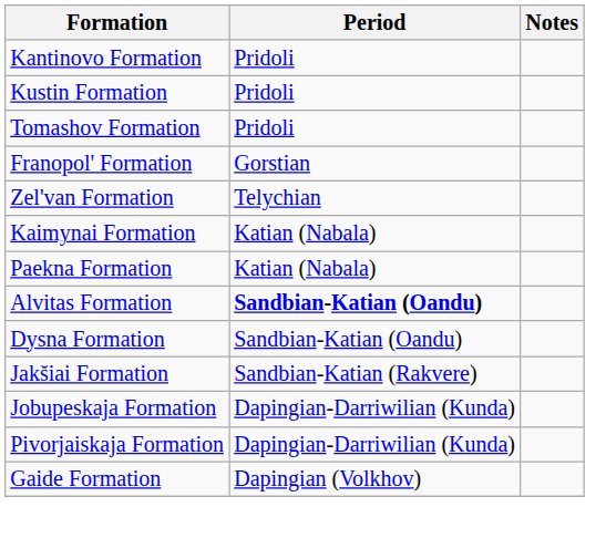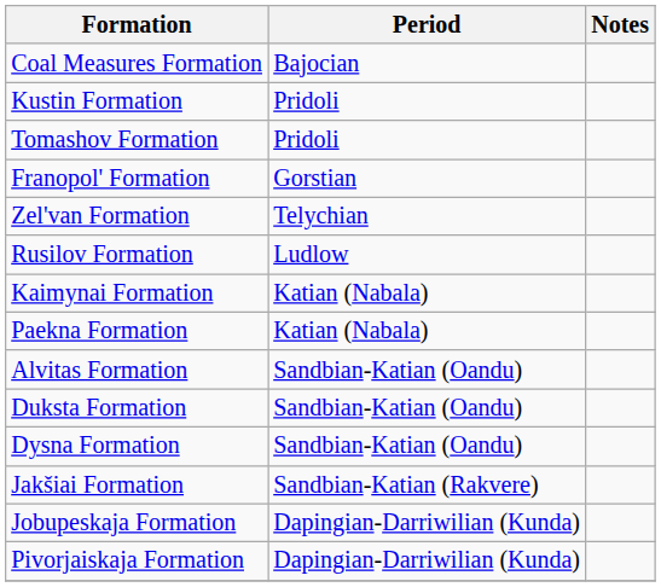 <table class="wikitable sortable">
 <tr>
 <th>Formation</th>
 <th>Period</th>
 <th class="unsortable">Notes</th>
 </tr>
 <tr>
-<td><a href='#'>Kantinovo Formation</a></td>
-<td style="background-color: "><a href='#'>Pridoli</a></td>
+<td><a href='#'>Coal Measures Formation</a></td>
+<td style="background-color: "><a href='#'>Bajocian</a></td>
 <td align=center></td>
 </tr>
 <tr>
 <td><a href='#'>Kustin Formation</a></td>
 <td style="background-color: "><a href='#'>Pridoli</a></td>
 <td align=center></td>
 </tr>
 <tr>
 <td><a href='#'>Tomashov Formation</a></td>
 <td style="background-color: "><a href='#'>Pridoli</a></td>
 <td align=center></td>
 </tr>
 <tr>
 <td><a href='#'>Franopol' Formation</a></td>
 <td style="background-color: "><a href='#'>Gorstian</a></td>
 <td align=center></td>
 </tr>
 <tr>
 <td><a href='#'>Zel'van Formation</a></td>
 <td style="background-color: "><a href='#'>Telychian</a></td>
 <td align=center></td>
 </tr>
 <tr>
+<td><a href='#'>Rusilov Formation</a></td>
+<td style="background-color: "><a href='#'>Ludlow</a></td>
+<td align=center></td>
+</tr>
+<tr>
 <td><a href='#'>Kaimynai Formation</a></td>
 <td style="background-color: "><a href='#'>Katian</a> (<a href='#'>Nabala</a>)</td>
 <td align=center></td>
 </tr>
 <tr>
 <td><a href='#'>Paekna Formation</a></td>
 <td style="background-color: "><a href='#'>Katian</a> (<a href='#'>Nabala</a>)</td>
 <td align=center></td>
 </tr>
 <tr>
 <td><a href='#'>Alvitas Formation</a></td>
-<td style="background-color: "><strong><a href='#'>Sandbian</a>-<a href='#'>Katian</a> (<a href='#'>Oandu</a>)</strong></td>
+<td style="background-color: "><a href='#'>Sandbian</a>-<a href='#'>Katian</a> (<a href='#'>Oandu</a>)</td>
+<td align=center></td>
+</tr>
+<tr>
+<td><a href='#'>Duksta Formation</a></td>
+<td style="background-color: "><a href='#'>Sandbian</a>-<a href='#'>Katian</a> (<a href='#'>Oandu</a>)</td>
 <td align=center></td>
 </tr>
 <tr>
 <td><a href='#'>Dysna Formation</a></td>
 <td style="background-color: "><a href='#'>Sandbian</a>-<a href='#'>Katian</a> (<a href='#'>Oandu</a>)</td>
 <td align=center></td>
 </tr>
 <tr>
 <td><a href='#'>Jakšiai Formation</a></td>
 <td style="background-color: "><a href='#'>Sandbian</a>-<a href='#'>Katian</a> (<a href='#'>Rakvere</a>)</td>
 <td align=center></td>
 </tr>
 <tr>
 <td><a href='#'>Jobupeskaja Formation</a></td>
 <td style="background-color: "><a href='#'>Dapingian</a>-<a href='#'>Darriwilian</a> (<a href='#'>Kunda</a>)</td>
 <td align=center></td>
 </tr>
 <tr>
 <td><a href='#'>Pivorjaiskaja Formation</a></td>
 <td style="background-color: "><a href='#'>Dapingian</a>-<a href='#'>Darriwilian</a> (<a href='#'>Kunda</a>)</td>
 <td align=center></td>
 </tr>
 <tr>
-<td><a href='#'>Gaide Formation</a></td>
-<td style="background-color: "><a href='#'>Dapingian</a> (<a href='#'>Volkhov</a>)</td>
-<td align=center></td>
-</tr>
-<tr>
 </tr>
 </table>
